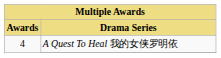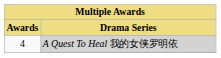 <table class="wikitable plainrowheaders">
 <tr>
 <th colspan=2 align=center style="background:#EEDD82">Multiple Awards</th>
 </tr>
 <tr>
 <th scope="col" style="background-color:#EEDD82 ;width:050px;">Awards</th>
 <th scope="col" style="background-color:#EEDD82 ; width:280px;">Drama Series</th>
 </tr>
 <tr>
 <td rowspan=2 scope=row style="text-align:center">4</td>
-<td><em>A Quest To Heal</em> 我的女侠罗明依</td>
+<td style="background: lightgrey;"><em>A Quest To Heal</em> 我的女侠罗明依</td>
 </tr>
 <tr>
 </tr>
 </table>
